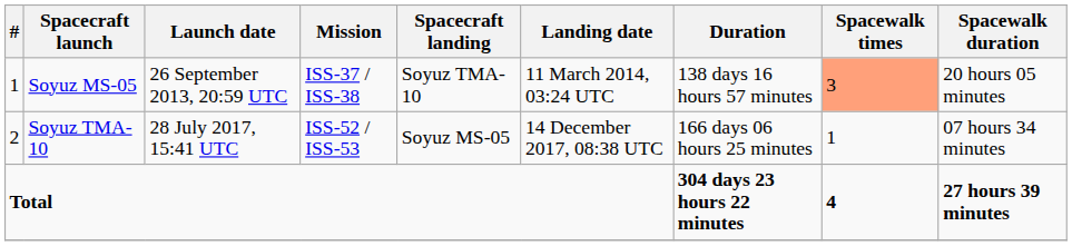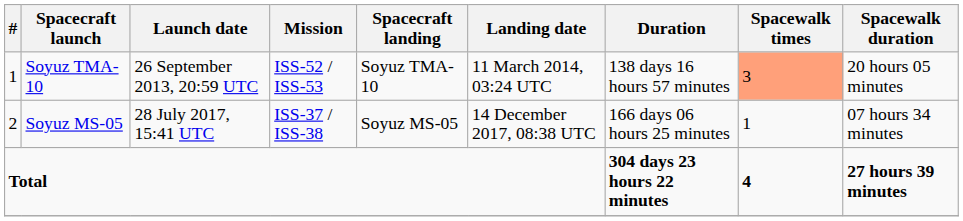 <table class="wikitable">
 <tr>
 <th>#</th>
 <th>Spacecraft launch</th>
 <th>Launch date</th>
 <th>Mission</th>
 <th>Spacecraft landing</th>
 <th>Landing date</th>
 <th>Duration</th>
 <th>Spacewalk times</th>
 <th>Spacewalk duration</th>
 </tr>
 <tr>
 <td>1</td>
-<td><a href='#'>Soyuz MS-05</a></td>
+<td><a href='#'>Soyuz TMA-10</a></td>
 <td>26 September 2013, 20:59 <a href='#'>UTC</a></td>
-<td><a href='#'>ISS-37</a> / <a href='#'>ISS-38</a></td>
+<td><a href='#'>ISS-52</a> / <a href='#'>ISS-53</a></td>
 <td>Soyuz TMA-10</td>
 <td>11 March 2014, 03:24 UTC</td>
 <td>138 days 16 hours 57 minutes</td>
 <td style="background: lightsalmon;">3</td>
 <td>20 hours 05 minutes</td>
 </tr>
 <tr>
 <td>2</td>
-<td><a href='#'>Soyuz TMA-10</a></td>
+<td><a href='#'>Soyuz MS-05</a></td>
 <td>28 July 2017, 15:41 <a href='#'>UTC</a></td>
-<td><a href='#'>ISS-52</a> / <a href='#'>ISS-53</a></td>
+<td><a href='#'>ISS-37</a> / <a href='#'>ISS-38</a></td>
 <td>Soyuz MS-05</td>
 <td>14 December 2017, 08:38 UTC</td>
 <td>166 days 06 hours 25 minutes</td>
 <td>1</td>
 <td>07 hours 34 minutes</td>
 </tr>
 <tr>
 <td colspan=6><strong>Total</strong></td>
 <td><strong>304 days 23 hours 22 minutes</strong></td>
 <td><strong>4</strong></td>
 <td><strong>27 hours 39 minutes</strong></td>
 </tr>
 <tr>
 </tr>
 </table>
